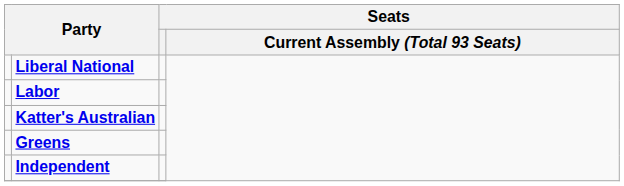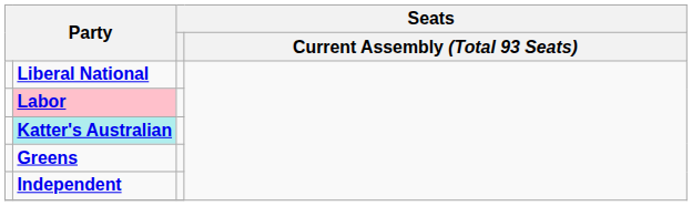 <table class="wikitable">
 <tr>
 <th colspan=2 rowspan=2>Party</th>
 <th colspan=2>Seats</th>
 </tr>
 <tr>
 <th></th>
 <th style="width:450px">Current Assembly <em>(Total 93 Seats)</em></th>
 </tr>
 <tr style="font-weight:bold">
 <td></td>
 <td><a href='#'>Liberal National</a></td>
 <td></td>
 </tr>
 <tr style="font-weight:bold">
 <td></td>
-<td><a href='#'>Labor</a></td>
+<td style="background: pink;"><a href='#'>Labor</a></td>
 <td></td>
 </tr>
 <tr style="font-weight:bold">
 <td></td>
-<td><a href='#'>Katter's Australian</a></td>
+<td style="background: paleturquoise;"><a href='#'>Katter's Australian</a></td>
 <td></td>
 </tr>
 <tr style="font-weight:bold">
 <td></td>
 <td><a href='#'>Greens</a></td>
 <td></td>
 </tr>
 <tr style="font-weight:bold">
 <td></td>
 <td><a href='#'>Independent</a></td>
 <td></td>
 </tr>
 <tr>
 </tr>
 </table>
